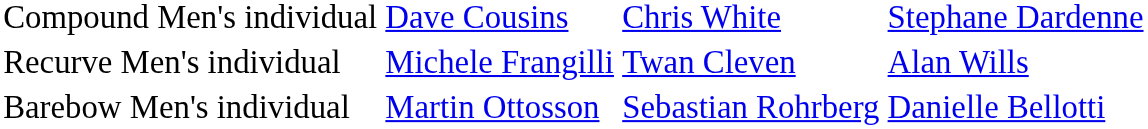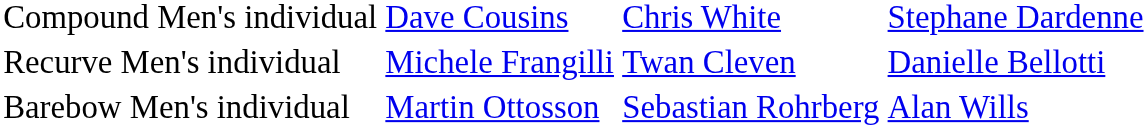 <table>
 <tr>
 <td>Compound Men's individual<br></td>
 <td> <a href='#'>Dave Cousins</a></td>
 <td> <a href='#'>Chris White</a></td>
 <td> <a href='#'>Stephane Dardenne</a></td>
 </tr>
 <tr>
 <td>Recurve Men's individual<br></td>
 <td> <a href='#'>Michele Frangilli</a></td>
 <td> <a href='#'>Twan Cleven</a></td>
-<td> <a href='#'>Alan Wills</a></td>
+<td> <a href='#'>Danielle Bellotti</a></td>
 </tr>
 <tr>
 <td>Barebow Men's individual<br></td>
 <td> <a href='#'>Martin Ottosson</a></td>
 <td> <a href='#'>Sebastian Rohrberg</a></td>
-<td> <a href='#'>Danielle Bellotti</a></td>
+<td> <a href='#'>Alan Wills</a></td>
 </tr>
 </table>
